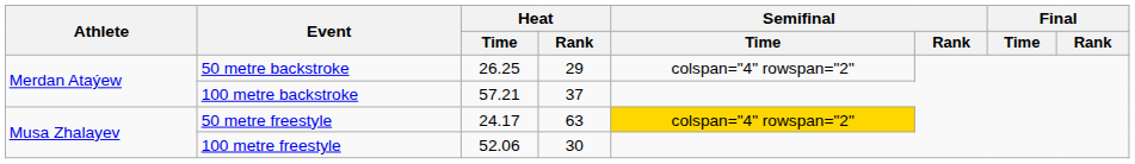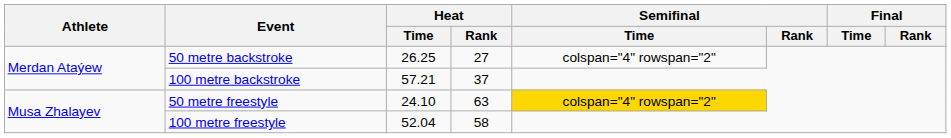 <table class="wikitable" style="text-align:center; font-size:90%; width:50%;">
 <tr>
 <th rowspan="2">Athlete</th>
 <th rowspan="2">Event</th>
 <th colspan="2">Heat</th>
 <th colspan="2">Semifinal</th>
 <th colspan="2">Final</th>
 </tr>
 <tr style="font-size:95%">
 <th>Time</th>
 <th>Rank</th>
 <th>Time</th>
 <th>Rank</th>
 <th>Time</th>
 <th>Rank</th>
 </tr>
 <tr align=center>
 <td align=left rowspan="2"><a href='#'>Merdan Ataýew</a></td>
 <td align=left><a href='#'>50 metre backstroke</a></td>
 <td>26.25</td>
-<td>29</td>
+<td>27</td>
 <td>colspan="4" rowspan="2"</td>
 </tr>
 <tr align=center>
 <td align=left><a href='#'>100 metre backstroke</a></td>
 <td>57.21</td>
 <td>37</td>
 </tr>
 <tr align=center>
 <td align=left rowspan="2"><a href='#'>Musa Zhalayev</a></td>
 <td align=left><a href='#'>50 metre freestyle</a></td>
-<td>24.17</td>
+<td>24.10</td>
 <td>63</td>
 <td style="background: gold;">colspan="4" rowspan="2"</td>
 </tr>
 <tr align=center>
 <td align=left><a href='#'>100 metre freestyle</a></td>
-<td>52.06</td>
-<td>30</td>
+<td>52.04</td>
+<td>58</td>
 </tr>
 </table>
